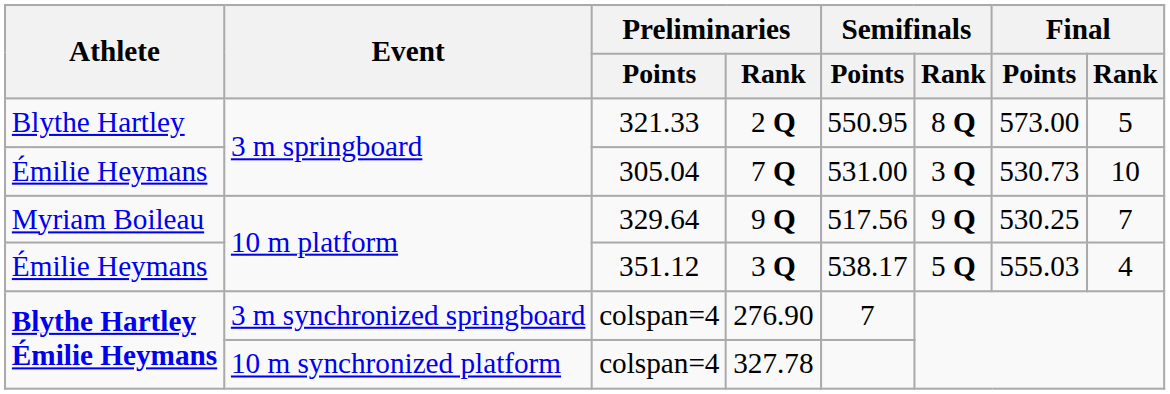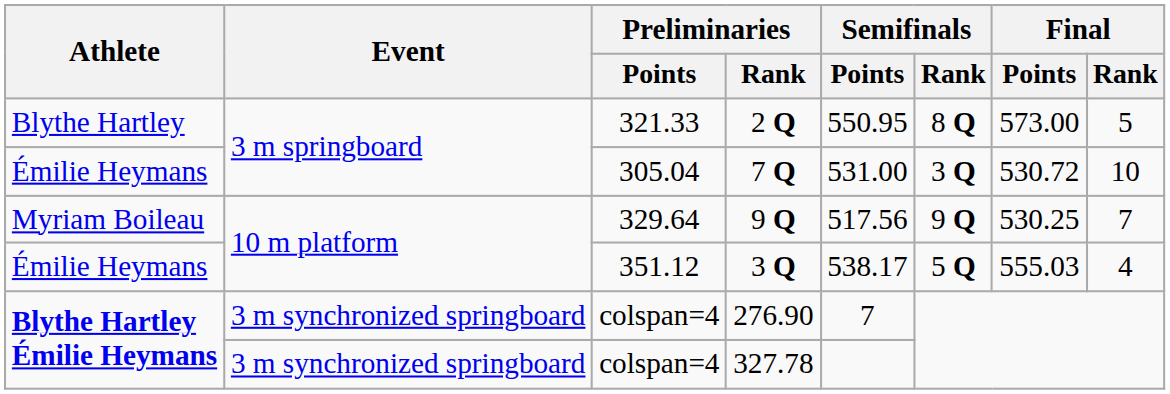 <table class=wikitable style="font-size:90%">
 <tr>
 <th rowspan="2">Athlete</th>
 <th rowspan="2">Event</th>
 <th colspan="2">Preliminaries</th>
 <th colspan="2">Semifinals</th>
 <th colspan="2">Final</th>
 </tr>
 <tr style="font-size:95%">
 <th>Points</th>
 <th>Rank</th>
 <th>Points</th>
 <th>Rank</th>
 <th>Points</th>
 <th>Rank</th>
 </tr>
 <tr align=center>
 <td align=left><a href='#'>Blythe Hartley</a></td>
 <td align=left rowspan=2><a href='#'>3 m springboard</a></td>
 <td>321.33</td>
 <td>2 <strong>Q</strong></td>
 <td>550.95</td>
 <td>8 <strong>Q</strong></td>
 <td>573.00</td>
 <td>5</td>
 </tr>
 <tr align=center>
 <td align=left><a href='#'>Émilie Heymans</a></td>
 <td>305.04</td>
 <td>7 <strong>Q</strong></td>
 <td>531.00</td>
 <td>3 <strong>Q</strong></td>
-<td>530.73</td>
+<td>530.72</td>
 <td>10</td>
 </tr>
 <tr align=center>
 <td align=left><a href='#'>Myriam Boileau</a></td>
 <td align=left rowspan=2><a href='#'>10 m platform</a></td>
 <td>329.64</td>
 <td>9 <strong>Q</strong></td>
 <td>517.56</td>
 <td>9 <strong>Q</strong></td>
 <td>530.25</td>
 <td>7</td>
 </tr>
 <tr align=center>
 <td align=left><a href='#'>Émilie Heymans</a></td>
 <td>351.12</td>
 <td>3 <strong>Q</strong></td>
 <td>538.17</td>
 <td>5 <strong>Q</strong></td>
 <td>555.03</td>
 <td>4</td>
 </tr>
 <tr align=center>
 <td align=left rowspan=2><strong><a href='#'>Blythe Hartley</a><br><a href='#'>Émilie Heymans</a></strong></td>
 <td align=left><a href='#'>3 m synchronized springboard</a></td>
 <td>colspan=4 </td>
 <td>276.90</td>
 <td>7</td>
 </tr>
 <tr align=center>
-<td align=left><a href='#'>10 m synchronized platform</a></td>
+<td align=left><a href='#'>3 m synchronized springboard</a></td>
 <td>colspan=4 </td>
 <td>327.78</td>
 <td></td>
 </tr>
 </table>
